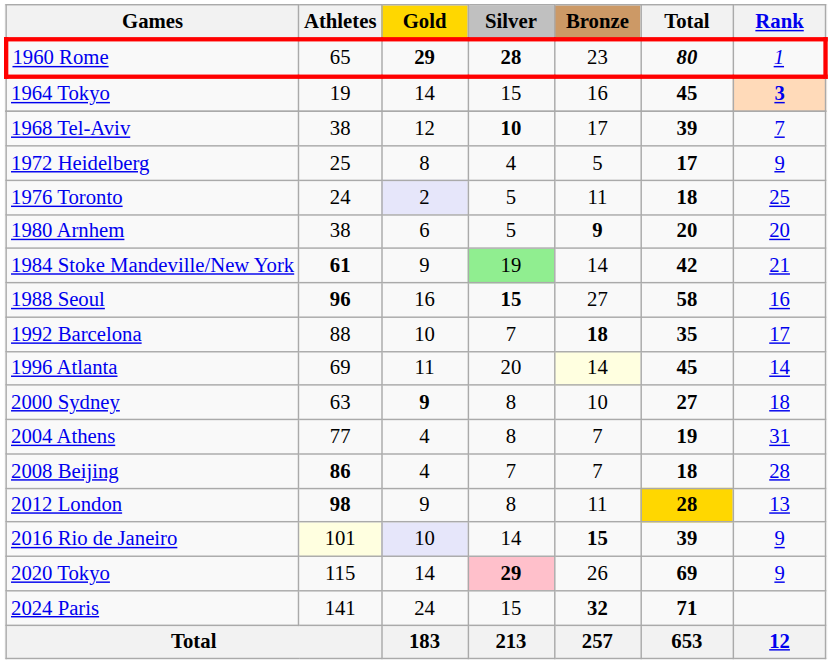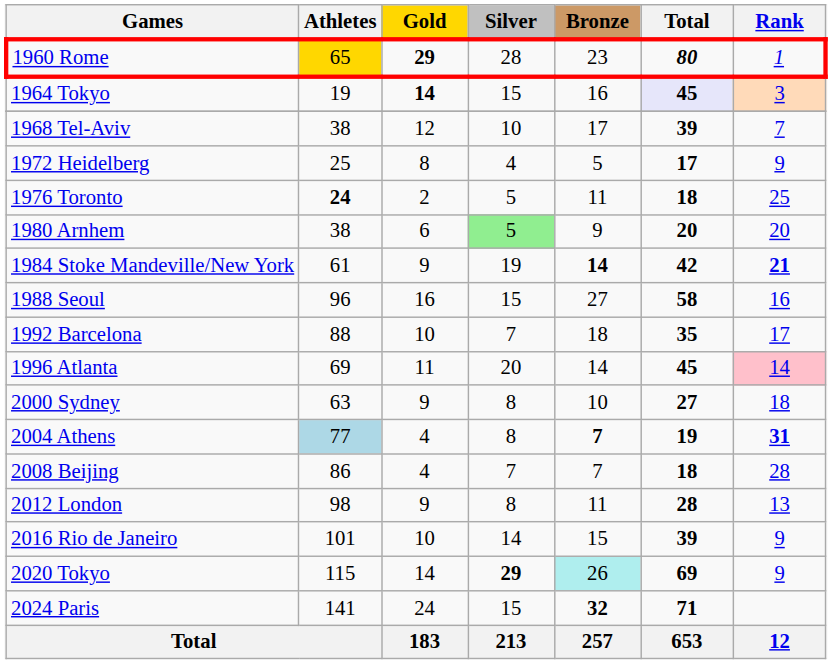 <table class="wikitable" style="text-align:center; font-size:90%;">
 <tr>
 <th>Games</th>
 <th>Athletes</th>
 <td style="background:gold; width:3.7em; font-weight:bold;">Gold</td>
 <td style="background:silver; width:3.7em; font-weight:bold;">Silver</td>
 <td style="background:#cc9966; width:3.7em; font-weight:bold;">Bronze</td>
 <th style="width:4em; font-weight:bold;">Total</th>
 <th style="width:4em; font-weight:bold;"><a href='#'>Rank</a></th>
 </tr>
 <tr>
 </tr>
 <tr style="border: 3px solid red">
 <td align=left> <a href='#'>1960 Rome</a></td>
-<td>65</td>
+<td style="background: gold;">65</td>
 <td><strong>29</strong></td>
-<td><strong>28</strong></td>
+<td>28</td>
 <td>23</td>
 <td><strong><em>80</em></strong></td>
 <td><em><a href='#'>1</a></em></td>
 </tr>
 <tr>
 <td align=left> <a href='#'>1964 Tokyo</a></td>
 <td>19</td>
-<td>14</td>
+<td><strong>14</strong></td>
 <td>15</td>
 <td>16</td>
-<td><strong>45</strong></td>
-<td bgcolor=ffdab9><strong><a href='#'>3</a></strong></td>
+<td style="background: lavender;"><strong>45</strong></td>
+<td bgcolor=ffdab9><a href='#'>3</a></td>
 </tr>
 <tr>
 </tr>
 <tr>
 <td align=left> <a href='#'>1968 Tel-Aviv</a></td>
 <td>38</td>
 <td>12</td>
-<td><strong>10</strong></td>
+<td>10</td>
 <td>17</td>
 <td><strong>39</strong></td>
 <td><a href='#'>7</a></td>
 </tr>
 <tr>
 <td align=left> <a href='#'>1972 Heidelberg</a></td>
 <td>25</td>
 <td>8</td>
 <td>4</td>
 <td>5</td>
 <td><strong>17</strong></td>
 <td><a href='#'>9</a></td>
 </tr>
 <tr>
 <td align=left> <a href='#'>1976 Toronto</a></td>
-<td>24</td>
-<td style="background: lavender;">2</td>
+<td><strong>24</strong></td>
+<td>2</td>
 <td>5</td>
 <td>11</td>
 <td><strong>18</strong></td>
 <td><a href='#'>25</a></td>
 </tr>
 <tr>
 <td align=left> <a href='#'>1980 Arnhem</a></td>
 <td>38</td>
 <td>6</td>
-<td>5</td>
-<td><strong>9</strong></td>
+<td style="background: lightgreen;">5</td>
+<td>9</td>
 <td><strong>20</strong></td>
 <td><a href='#'>20</a></td>
 </tr>
 <tr>
 <td align=left> <a href='#'>1984 Stoke Mandeville/New York</a></td>
-<td><strong>61</strong></td>
+<td>61</td>
 <td>9</td>
-<td style="background: lightgreen;">19</td>
-<td>14</td>
+<td>19</td>
+<td><strong>14</strong></td>
 <td><strong>42</strong></td>
-<td><a href='#'>21</a></td>
+<td><strong><a href='#'>21</a></strong></td>
 </tr>
 <tr>
 <td align=left> <a href='#'>1988 Seoul</a></td>
-<td><strong>96</strong></td>
+<td>96</td>
 <td>16</td>
-<td><strong>15</strong></td>
+<td>15</td>
 <td>27</td>
 <td><strong>58</strong></td>
 <td><a href='#'>16</a></td>
 </tr>
 <tr>
 <td align=left> <a href='#'>1992 Barcelona</a></td>
 <td>88</td>
 <td>10</td>
 <td>7</td>
-<td><strong>18</strong></td>
+<td>18</td>
 <td><strong>35</strong></td>
 <td><a href='#'>17</a></td>
 </tr>
 <tr>
 <td align=left> <a href='#'>1996 Atlanta</a></td>
 <td>69</td>
 <td>11</td>
 <td>20</td>
-<td style="background: lightyellow;">14</td>
+<td>14</td>
 <td><strong>45</strong></td>
-<td><a href='#'>14</a></td>
+<td style="background: pink;"><a href='#'>14</a></td>
 </tr>
 <tr>
 <td align=left> <a href='#'>2000 Sydney</a></td>
 <td>63</td>
-<td><strong>9</strong></td>
+<td>9</td>
 <td>8</td>
 <td>10</td>
 <td><strong>27</strong></td>
 <td><a href='#'>18</a></td>
 </tr>
 <tr>
 <td align=left> <a href='#'>2004 Athens</a></td>
-<td>77</td>
+<td style="background: lightblue;">77</td>
 <td>4</td>
 <td>8</td>
-<td>7</td>
+<td><strong>7</strong></td>
 <td><strong>19</strong></td>
-<td><a href='#'>31</a></td>
+<td><strong><a href='#'>31</a></strong></td>
 </tr>
 <tr>
 <td align=left> <a href='#'>2008 Beijing</a></td>
-<td><strong>86</strong></td>
+<td>86</td>
 <td>4</td>
 <td>7</td>
 <td>7</td>
 <td><strong>18</strong></td>
 <td><a href='#'>28</a></td>
 </tr>
 <tr>
 <td align=left> <a href='#'>2012 London</a></td>
-<td><strong>98</strong></td>
+<td>98</td>
 <td>9</td>
 <td>8</td>
 <td>11</td>
-<td style="background: gold;"><strong>28</strong></td>
+<td><strong>28</strong></td>
 <td><a href='#'>13</a></td>
 </tr>
 <tr>
 <td align=left> <a href='#'>2016 Rio de Janeiro</a></td>
-<td style="background: lightyellow;">101</td>
-<td style="background: lavender;">10</td>
+<td>101</td>
+<td>10</td>
 <td>14</td>
-<td><strong>15</strong></td>
+<td>15</td>
 <td><strong>39</strong></td>
 <td><a href='#'>9</a></td>
 </tr>
 <tr>
 <td align=left> <a href='#'>2020 Tokyo</a></td>
 <td>115</td>
 <td>14</td>
-<td style="background: pink;"><strong>29</strong></td>
-<td>26</td>
+<td><strong>29</strong></td>
+<td style="background: paleturquoise;">26</td>
 <td><strong>69</strong></td>
 <td><a href='#'>9</a></td>
 </tr>
 <tr>
 <td align=left> <a href='#'>2024 Paris</a></td>
 <td>141</td>
 <td>24</td>
 <td>15</td>
 <td><strong>32</strong></td>
 <td><strong>71</strong></td>
 <td></td>
 </tr>
 <tr>
 <th colspan=2>Total</th>
 <th>183</th>
 <th>213</th>
 <th>257</th>
 <th>653</th>
 <th><a href='#'>12</a></th>
 </tr>
 </table>
